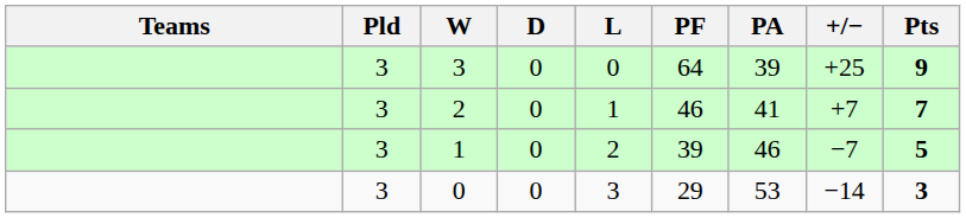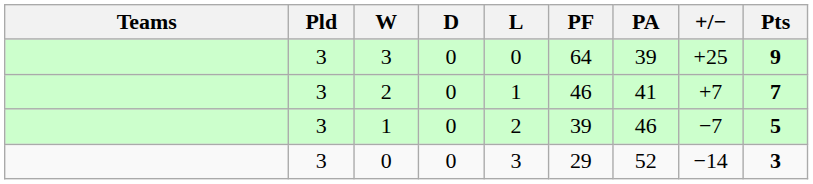 <table class="wikitable" style="text-align: center;">
 <tr>
 <th style="width:200px;">Teams</th>
 <th width="40">Pld</th>
 <th width="40">W</th>
 <th width="40">D</th>
 <th width="40">L</th>
 <th width="40">PF</th>
 <th width="40">PA</th>
 <th width="40">+/−</th>
 <th width="40">Pts</th>
 </tr>
 <tr bgcolor=ccffcc>
 <td align=left></td>
 <td>3</td>
 <td>3</td>
 <td>0</td>
 <td>0</td>
 <td>64</td>
 <td>39</td>
 <td>+25</td>
 <td><strong>9</strong></td>
 </tr>
 <tr bgcolor=ccffcc>
 <td align=left></td>
 <td>3</td>
 <td>2</td>
 <td>0</td>
 <td>1</td>
 <td>46</td>
 <td>41</td>
 <td>+7</td>
 <td><strong>7</strong></td>
 </tr>
 <tr bgcolor=ccffcc>
 <td align=left></td>
 <td>3</td>
 <td>1</td>
 <td>0</td>
 <td>2</td>
 <td>39</td>
 <td>46</td>
 <td>−7</td>
 <td><strong>5</strong></td>
 </tr>
 <tr>
 <td align=left></td>
 <td>3</td>
 <td>0</td>
 <td>0</td>
 <td>3</td>
 <td>29</td>
-<td>53</td>
+<td>52</td>
 <td>−14</td>
 <td><strong>3</strong></td>
 </tr>
 </table>
